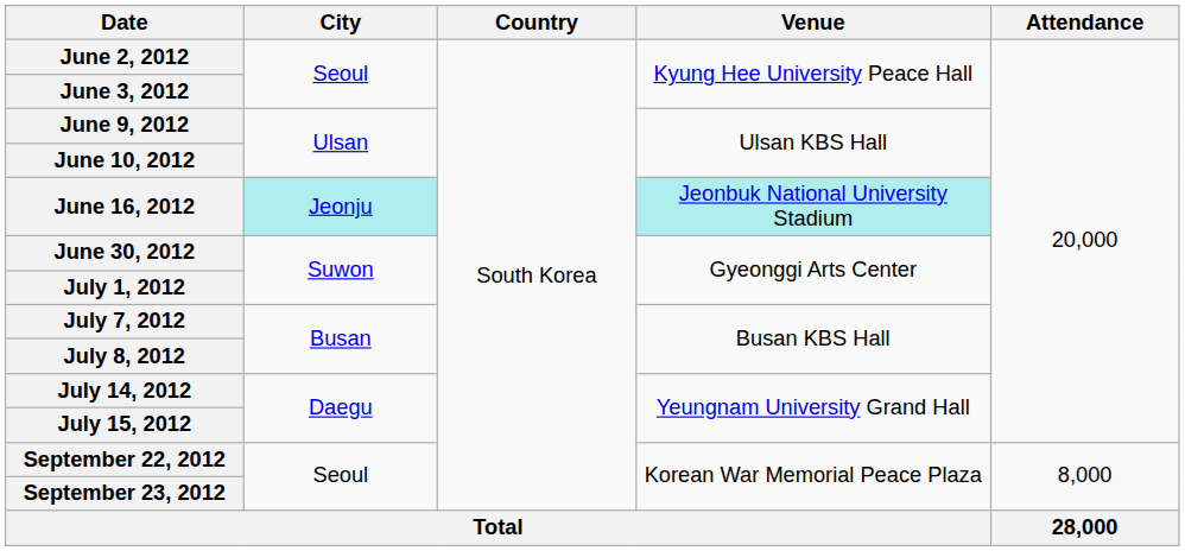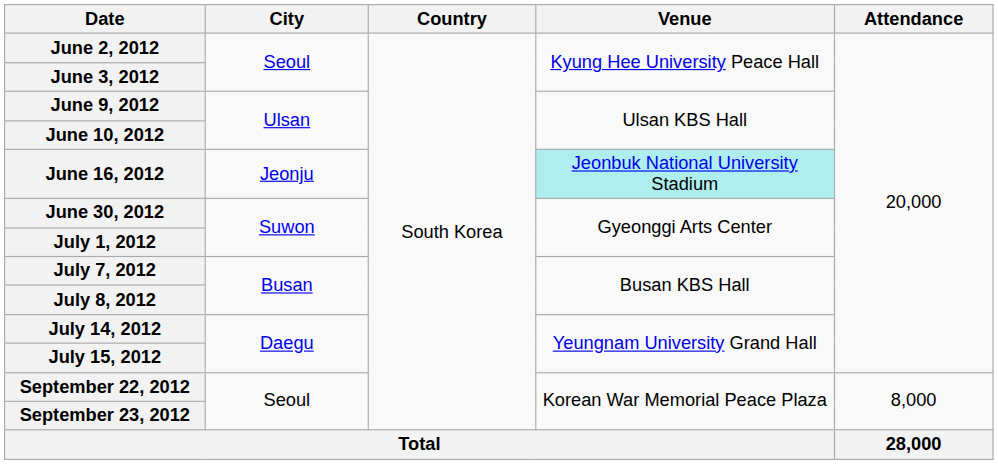 <table class="wikitable plainrowheaders" style="text-align:center;">
 <tr>
 <th scope="col" style="width:12em;">Date</th>
 <th scope="col" style="width:10em;">City</th>
 <th scope="col" style="width:10em;">Country</th>
 <th scope="col" style="width:19em;">Venue</th>
 <th scope="col" style="width:9em;">Attendance</th>
 </tr>
 <tr>
 <th scope="row" style="text-align:center;">June 2, 2012</th>
 <td rowspan="2"><a href='#'>Seoul</a></td>
 <td rowspan="13">South Korea</td>
 <td rowspan="2"><a href='#'>Kyung Hee University</a> Peace Hall</td>
 <td rowspan="11">20,000</td>
 </tr>
 <tr>
 <th scope="row" style="text-align:center;">June 3, 2012</th>
 </tr>
 <tr>
 <th scope="row" style="text-align:center;">June 9, 2012</th>
 <td rowspan="2"><a href='#'>Ulsan</a></td>
 <td rowspan="2">Ulsan KBS Hall</td>
 </tr>
 <tr>
 <th scope="row" style="text-align:center;">June 10, 2012</th>
 </tr>
 <tr>
 <th scope="row" style="text-align:center;">June 16, 2012</th>
-<td style="background: paleturquoise;"><a href='#'>Jeonju</a></td>
+<td><a href='#'>Jeonju</a></td>
 <td style="background: paleturquoise;"><a href='#'>Jeonbuk National University</a> Stadium</td>
 </tr>
 <tr>
 <th scope="row" style="text-align:center;">June 30, 2012</th>
 <td rowspan="2"><a href='#'>Suwon</a></td>
 <td rowspan="2">Gyeonggi Arts Center</td>
 </tr>
 <tr>
 <th scope="row" style="text-align:center;">July 1, 2012</th>
 </tr>
 <tr>
 <th scope="row" style="text-align:center;">July 7, 2012</th>
 <td rowspan="2"><a href='#'>Busan</a></td>
 <td rowspan="2">Busan KBS Hall</td>
 </tr>
 <tr>
 <th scope="row" style="text-align:center;">July 8, 2012</th>
 </tr>
 <tr>
 <th scope="row" style="text-align:center;">July 14, 2012</th>
 <td rowspan="2"><a href='#'>Daegu</a></td>
 <td rowspan="2"><a href='#'>Yeungnam University</a> Grand Hall</td>
 </tr>
 <tr>
 <th scope="row" style="text-align:center;">July 15, 2012</th>
 </tr>
 <tr>
 <th scope="row" style="text-align:center;">September 22, 2012</th>
 <td rowspan="2">Seoul</td>
 <td rowspan="2">Korean War Memorial Peace Plaza</td>
 <td rowspan="2">8,000</td>
 </tr>
 <tr>
 <th scope="row" style="text-align:center;">September 23, 2012</th>
 </tr>
 <tr>
 <th colspan="4">Total</th>
 <th scope="row" style="text-align:center;">28,000</th>
 </tr>
 </table>
